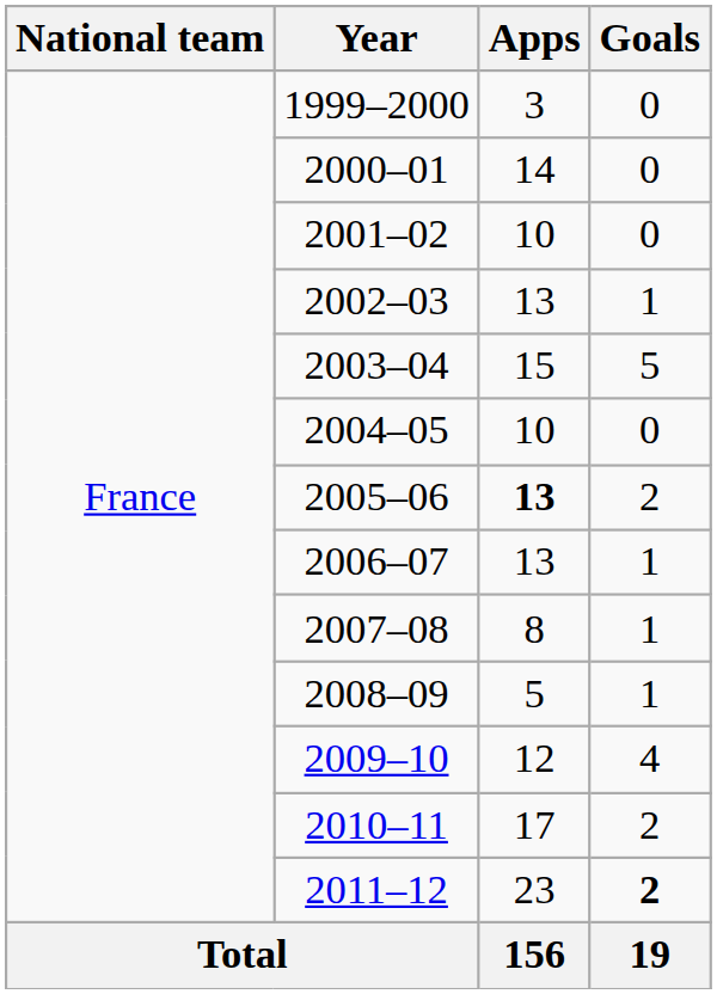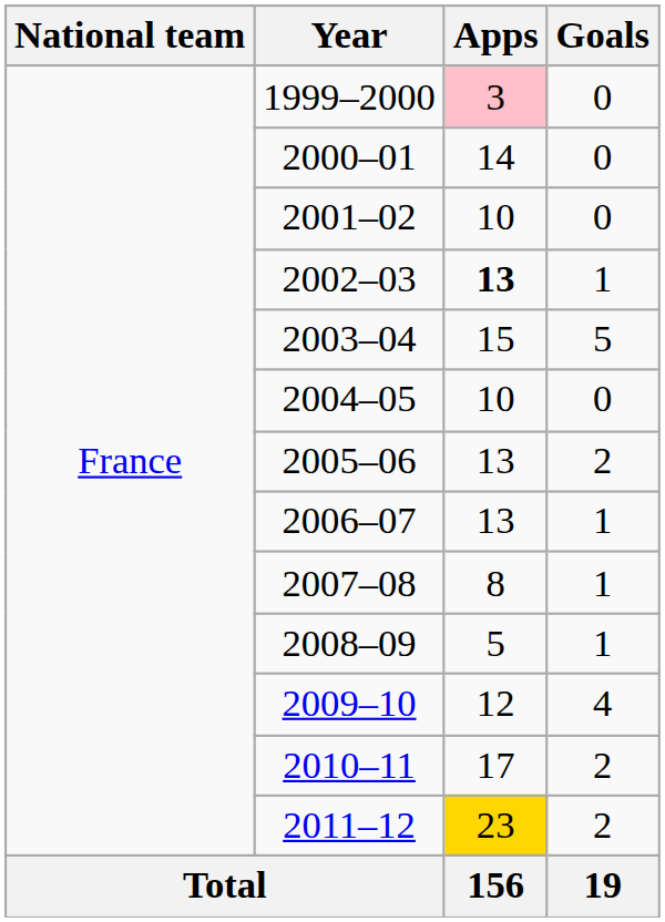 <table class="wikitable" style="text-align:center">
 <tr>
 <th>National team</th>
 <th>Year</th>
 <th>Apps</th>
 <th>Goals</th>
 </tr>
 <tr>
 <td rowspan="13"><a href='#'>France</a></td>
 <td>1999–2000</td>
-<td>3</td>
+<td style="background: pink;">3</td>
 <td>0</td>
 </tr>
 <tr>
 <td>2000–01</td>
 <td>14</td>
 <td>0</td>
 </tr>
 <tr>
 <td>2001–02</td>
 <td>10</td>
 <td>0</td>
 </tr>
 <tr>
 <td>2002–03</td>
-<td>13</td>
+<td><strong>13</strong></td>
 <td>1</td>
 </tr>
 <tr>
 <td>2003–04</td>
 <td>15</td>
 <td>5</td>
 </tr>
 <tr>
 <td>2004–05</td>
 <td>10</td>
 <td>0</td>
 </tr>
 <tr>
 <td>2005–06</td>
-<td><strong>13</strong></td>
+<td>13</td>
 <td>2</td>
 </tr>
 <tr>
 <td>2006–07</td>
 <td>13</td>
 <td>1</td>
 </tr>
 <tr>
 <td>2007–08</td>
 <td>8</td>
 <td>1</td>
 </tr>
 <tr>
 <td>2008–09</td>
 <td>5</td>
 <td>1</td>
 </tr>
 <tr>
 <td><a href='#'>2009–10</a></td>
 <td>12</td>
 <td>4</td>
 </tr>
 <tr>
 <td><a href='#'>2010–11</a></td>
 <td>17</td>
 <td>2</td>
 </tr>
 <tr>
 <td><a href='#'>2011–12</a></td>
-<td>23</td>
-<td><strong>2</strong></td>
+<td style="background: gold;">23</td>
+<td>2</td>
 </tr>
 <tr>
 <th colspan="2">Total</th>
 <th>156</th>
 <th>19</th>
 </tr>
 </table>
